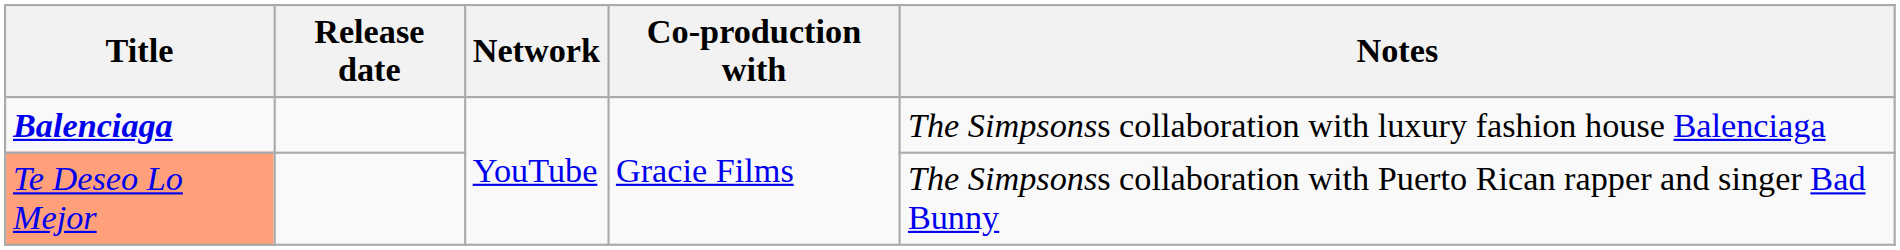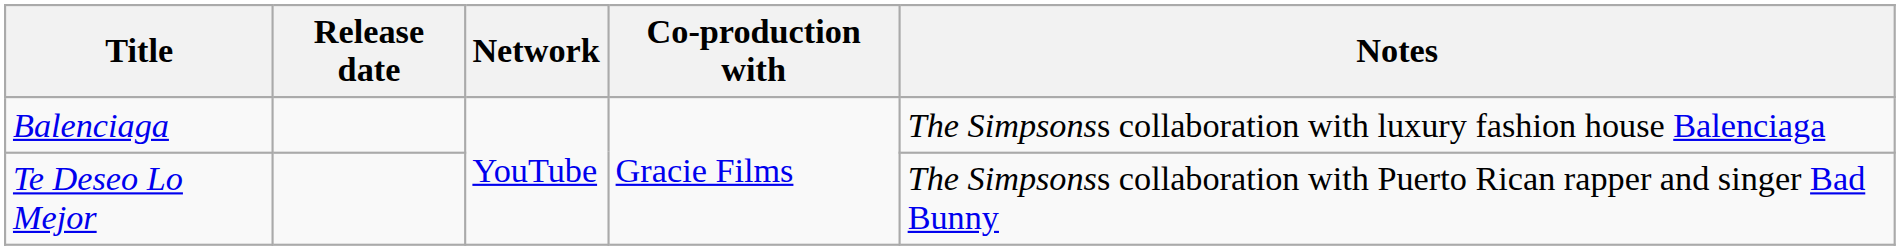 <table class="wikitable plainrowheaders sortable" style="width:100%;">
 <tr>
 <th scope="col">Title</th>
 <th scope="col">Release date</th>
 <th scope="col">Network</th>
 <th scope="col">Co-production with</th>
 <th scope="col">Notes</th>
 </tr>
 <tr>
-<td scope="row"><strong><em><a href='#'> Balenciaga</a></em></strong></td>
+<td scope="row"><em><a href='#'> Balenciaga</a></em></td>
 <td></td>
 <td rowspan="2"><a href='#'>YouTube</a></td>
 <td rowspan="2"><a href='#'>Gracie Films</a></td>
 <td><em>The Simpsons</em>s collaboration with luxury fashion house <a href='#'>Balenciaga</a></td>
 </tr>
 <tr>
-<td scope="row" style="background: lightsalmon;"><em><a href='#'>Te Deseo Lo Mejor</a></em></td>
+<td scope="row"><em><a href='#'>Te Deseo Lo Mejor</a></em></td>
 <td></td>
 <td><em>The Simpsons</em>s collaboration with Puerto Rican rapper and singer <a href='#'>Bad Bunny</a></td>
 </tr>
 </table>
